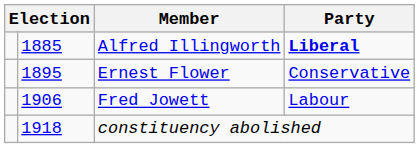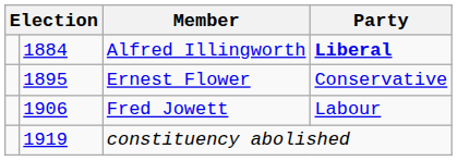 <table class="wikitable">
 <tr>
 <th colspan="2">Election</th>
 <th>Member</th>
 <th>Party</th>
 </tr>
 <tr>
 <td style="color:inherit;background-color: "></td>
-<td><a href='#'>1885</a></td>
+<td><a href='#'>1884</a></td>
 <td><a href='#'>Alfred Illingworth</a></td>
 <td><strong><a href='#'>Liberal</a></strong></td>
 </tr>
 <tr>
 <td style="color:inherit;background-color: "></td>
 <td><a href='#'>1895</a></td>
 <td><a href='#'>Ernest Flower</a></td>
 <td><a href='#'>Conservative</a></td>
 </tr>
 <tr>
 <td style="color:inherit;background-color: "></td>
 <td><a href='#'>1906</a></td>
 <td><a href='#'>Fred Jowett</a></td>
 <td><a href='#'>Labour</a></td>
 </tr>
 <tr>
 <td></td>
-<td><a href='#'>1918</a></td>
+<td><a href='#'>1919</a></td>
 <td colspan="4"><em>constituency abolished</em></td>
 </tr>
 </table>
